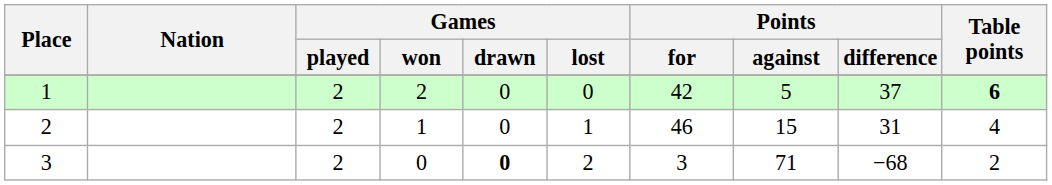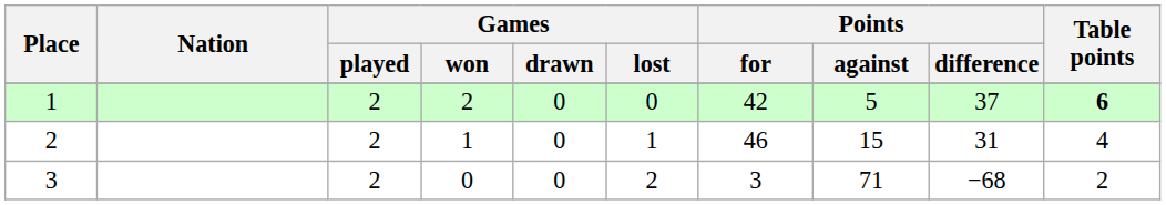 <table class="wikitable">
 <tr>
 <th rowspan=2 width="8%">Place</th>
 <th rowspan=2 width="20%">Nation</th>
 <th colspan=4 width="32%">Games</th>
 <th colspan=3 width="30%">Points</th>
 <th rowspan=2 width="10%">Table<br>points</th>
 </tr>
 <tr>
 <th width="8%">played</th>
 <th width="8%">won</th>
 <th width="8%">drawn</th>
 <th width="8%">lost</th>
 <th width="10%">for</th>
 <th width="10%">against</th>
 <th width="10%">difference</th>
 </tr>
 <tr>
 </tr>
 <tr bgcolor=#ccffcc align=center>
 <td>1</td>
 <td align=left><strong></strong></td>
 <td>2</td>
 <td>2</td>
 <td>0</td>
 <td>0</td>
 <td>42</td>
 <td>5</td>
 <td>37</td>
 <td><strong>6</strong></td>
 </tr>
 <tr bgcolor=#ffffff align=center>
 <td>2</td>
 <td align=left></td>
 <td>2</td>
 <td>1</td>
 <td>0</td>
 <td>1</td>
 <td>46</td>
 <td>15</td>
 <td>31</td>
 <td>4</td>
 </tr>
 <tr bgcolor=#ffffff align=center>
 <td>3</td>
 <td align=left></td>
 <td>2</td>
 <td>0</td>
-<td><strong>0</strong></td>
+<td>0</td>
 <td>2</td>
 <td>3</td>
 <td>71</td>
 <td>−68</td>
 <td>2</td>
 </tr>
 </table>
